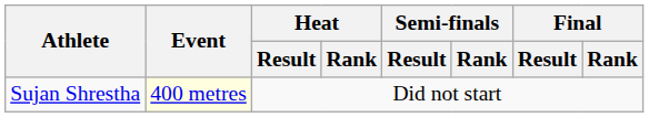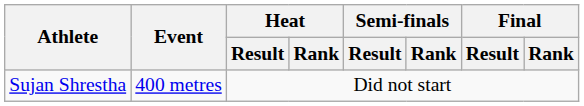 <table class="wikitable" style="font-size:90%; text-align:center">
 <tr>
 <th rowspan="2">Athlete</th>
 <th rowspan="2">Event</th>
 <th colspan="2">Heat</th>
 <th colspan="2">Semi-finals</th>
 <th colspan="2">Final</th>
 </tr>
 <tr>
 <th>Result</th>
 <th>Rank</th>
 <th>Result</th>
 <th>Rank</th>
 <th>Result</th>
 <th>Rank</th>
 </tr>
 <tr>
 <td align="left"><a href='#'>Sujan Shrestha</a></td>
-<td align="left" style="background: lightyellow;"><a href='#'>400 metres</a></td>
+<td align="left"><a href='#'>400 metres</a></td>
 <td colspan="6">Did not start</td>
 </tr>
 </table>
